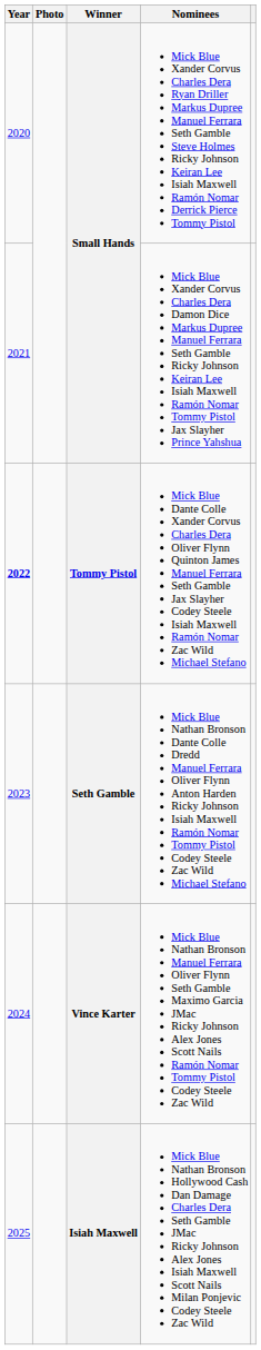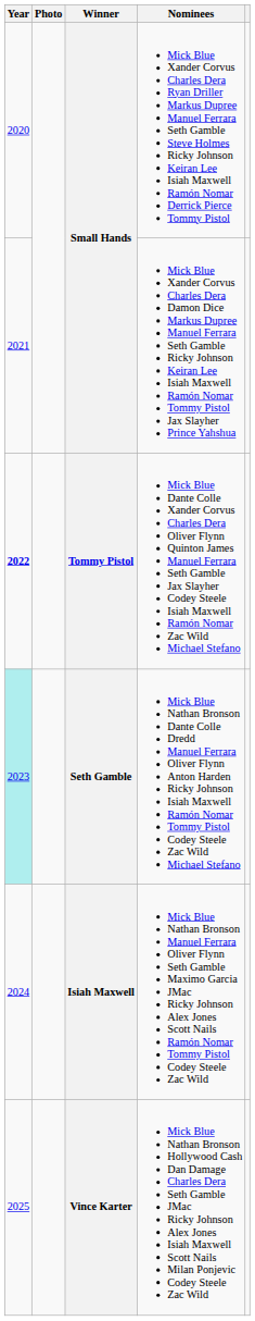 <table Class="wikitable sortable">
 <tr>
 <th>Year</th>
 <th>Photo</th>
 <th>Winner</th>
 <th>Nominees</th>
 <th></th>
 </tr>
 <tr>
 <td><a href='#'>2020</a></td>
 <td rowspan="2"></td>
 <th rowspan="2">Small Hands</th>
 <td valign="top"><br><ul><li><a href='#'>Mick Blue</a></li><li>Xander Corvus</li><li><a href='#'>Charles Dera</a></li><li><a href='#'>Ryan Driller</a></li><li><a href='#'>Markus Dupree</a></li><li><a href='#'>Manuel Ferrara</a></li><li>Seth Gamble</li><li><a href='#'>Steve Holmes</a></li><li>Ricky Johnson</li><li><a href='#'>Keiran Lee</a></li><li>Isiah Maxwell</li><li><a href='#'>Ramón Nomar</a></li><li><a href='#'>Derrick Pierce</a></li><li><a href='#'>Tommy Pistol</a></li></ul></td>
 <td></td>
 </tr>
 <tr>
 <td><a href='#'>2021</a></td>
 <td valign="top"><br><ul><li><a href='#'>Mick Blue</a></li><li>Xander Corvus</li><li><a href='#'>Charles Dera</a></li><li>Damon Dice</li><li><a href='#'>Markus Dupree</a></li><li><a href='#'>Manuel Ferrara</a></li><li>Seth Gamble</li><li>Ricky Johnson</li><li><a href='#'>Keiran Lee</a></li><li>Isiah Maxwell</li><li><a href='#'>Ramón Nomar</a></li><li><a href='#'>Tommy Pistol</a></li><li>Jax Slayher</li><li><a href='#'>Prince Yahshua</a></li></ul></td>
 <td></td>
 </tr>
 <tr>
 <td><strong><a href='#'>2022</a></strong></td>
 <td></td>
 <th><a href='#'>Tommy Pistol</a></th>
 <td valign="top"><br><ul><li><a href='#'>Mick Blue</a></li><li>Dante Colle</li><li>Xander Corvus</li><li><a href='#'>Charles Dera</a></li><li>Oliver Flynn</li><li>Quinton James</li><li><a href='#'>Manuel Ferrara</a></li><li>Seth Gamble</li><li>Jax Slayher</li><li>Codey Steele</li><li>Isiah Maxwell</li><li><a href='#'>Ramón Nomar</a></li><li>Zac Wild</li><li><a href='#'>Michael Stefano</a></li></ul></td>
 <td></td>
 </tr>
 <tr>
-<td><a href='#'>2023</a></td>
+<td style="background: paleturquoise;"><a href='#'>2023</a></td>
 <td></td>
 <th>Seth Gamble</th>
 <td valign="top"><br><ul><li><a href='#'>Mick Blue</a></li><li>Nathan Bronson</li><li>Dante Colle</li><li>Dredd</li><li><a href='#'>Manuel Ferrara</a></li><li>Oliver Flynn</li><li>Anton Harden</li><li>Ricky Johnson</li><li>Isiah Maxwell</li><li><a href='#'>Ramón Nomar</a></li><li><a href='#'>Tommy Pistol</a></li><li>Codey Steele</li><li>Zac Wild</li><li><a href='#'>Michael Stefano</a></li></ul></td>
 <td></td>
 </tr>
 <tr>
 <td><a href='#'>2024</a></td>
 <td></td>
-<th>Vince Karter</th>
+<th>Isiah Maxwell</th>
 <td valign="top"><br><ul><li><a href='#'>Mick Blue</a></li><li>Nathan Bronson</li><li><a href='#'>Manuel Ferrara</a></li><li>Oliver Flynn</li><li>Seth Gamble</li><li>Maximo Garcia</li><li>JMac</li><li>Ricky Johnson</li><li>Alex Jones</li><li>Scott Nails</li><li><a href='#'>Ramón Nomar</a></li><li><a href='#'>Tommy Pistol</a></li><li>Codey Steele</li><li>Zac Wild</li></ul></td>
 <td></td>
 </tr>
 <tr>
 <td><a href='#'>2025</a></td>
 <td></td>
-<th>Isiah Maxwell</th>
+<th>Vince Karter</th>
 <td valign="top"><br><ul><li><a href='#'>Mick Blue</a></li><li>Nathan Bronson</li><li>Hollywood Cash</li><li>Dan Damage</li><li><a href='#'>Charles Dera</a></li><li>Seth Gamble</li><li>JMac</li><li>Ricky Johnson</li><li>Alex Jones</li><li>Isiah Maxwell</li><li>Scott Nails</li><li>Milan Ponjevic</li><li>Codey Steele</li><li>Zac Wild</li></ul></td>
 <td></td>
 </tr>
 </table>
